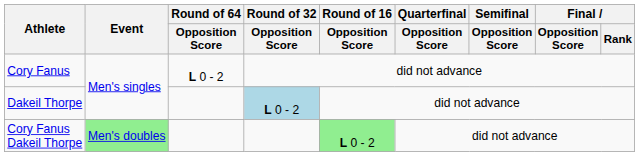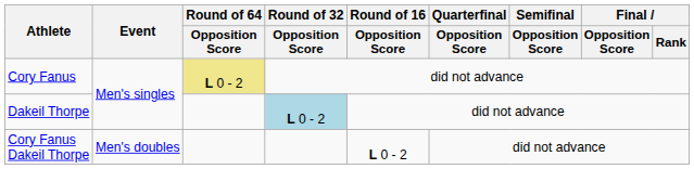 <table class=wikitable style="font-size:90%">
 <tr>
 <th rowspan=2>Athlete</th>
 <th rowspan=2>Event</th>
 <th>Round of 64</th>
 <th>Round of 32</th>
 <th>Round of 16</th>
 <th>Quarterfinal</th>
 <th>Semifinal</th>
 <th colspan=2>Final / </th>
 </tr>
 <tr style="font-size:95%">
 <th>Opposition<br>Score</th>
 <th>Opposition<br>Score</th>
 <th>Opposition<br>Score</th>
 <th>Opposition<br>Score</th>
 <th>Opposition<br>Score</th>
 <th>Opposition<br>Score</th>
 <th>Rank</th>
 </tr>
 <tr align=center>
 <td align=left><a href='#'>Cory Fanus</a></td>
 <td align=left rowspan=2><a href='#'>Men's singles</a></td>
-<td><br> <strong>L</strong> 0 - 2</td>
+<td style="background: khaki;"><br> <strong>L</strong> 0 - 2</td>
 <td colspan=6>did not advance</td>
 </tr>
 <tr align=center>
 <td align=left><a href='#'>Dakeil Thorpe</a></td>
 <td></td>
 <td style="background: lightblue;"><br> <strong>L</strong> 0 - 2</td>
 <td colspan=5>did not advance</td>
 </tr>
 <tr align=center>
 <td align=left><a href='#'>Cory Fanus</a><br><a href='#'>Dakeil Thorpe</a></td>
-<td align=left style="background: lightgreen;"><a href='#'>Men's doubles</a></td>
+<td align=left><a href='#'>Men's doubles</a></td>
 <td></td>
 <td></td>
-<td style="background: lightgreen;"><br> <strong>L</strong> 0 - 2</td>
+<td><br> <strong>L</strong> 0 - 2</td>
 <td colspan=4>did not advance</td>
 </tr>
 </table>
